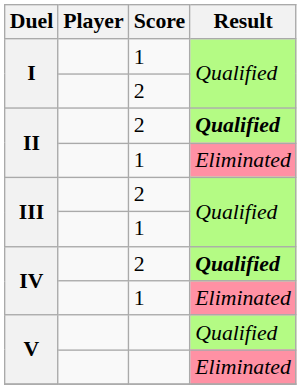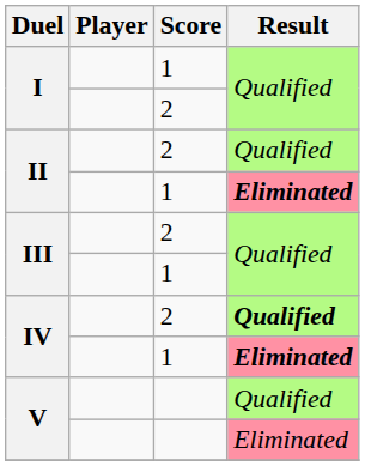 <table class="wikitable sortable">
 <tr>
 <th>Duel</th>
 <th>Player</th>
 <th>Score</th>
 <th>Result</th>
 </tr>
 <tr>
 <th rowspan="2" class="unsortable">I</th>
 <td></td>
 <td>1</td>
 <td rowspan=2 style="background:#B4FB84"><em>Qualified</em></td>
 </tr>
 <tr>
 <td></td>
 <td>2</td>
 </tr>
 <tr>
 <th rowspan="2" class="unsortable">II</th>
 <td></td>
 <td>2</td>
-<td style="background:#B4FB84"><strong><em>Qualified</em></strong></td>
+<td style="background:#B4FB84"><em>Qualified</em></td>
 </tr>
 <tr>
 <td></td>
 <td>1</td>
-<td style="background:#FF91A4"><em>Eliminated</em></td>
+<td style="background:#FF91A4"><strong><em>Eliminated</em></strong></td>
 </tr>
 <tr>
 <th rowspan="2" class="unsortable">III</th>
 <td></td>
 <td>2</td>
 <td rowspan=2 style="background:#B4FB84"><em>Qualified</em></td>
 </tr>
 <tr>
 <td></td>
 <td>1</td>
 </tr>
 <tr>
 <th rowspan="2" class="unsortable">IV</th>
 <td></td>
 <td>2</td>
 <td style="background:#B4FB84"><strong><em>Qualified</em></strong></td>
 </tr>
 <tr>
 <td></td>
 <td>1</td>
-<td style="background:#FF91A4"><em>Eliminated</em></td>
+<td style="background:#FF91A4"><strong><em>Eliminated</em></strong></td>
 </tr>
 <tr>
 <th rowspan="2" class="unsortable">V</th>
 <td></td>
 <td></td>
 <td style="background:#B4FB84"><em>Qualified</em></td>
 </tr>
 <tr>
 <td></td>
 <td></td>
 <td style="background:#FF91A4"><em>Eliminated</em></td>
 </tr>
 <tr>
 </tr>
 </table>
